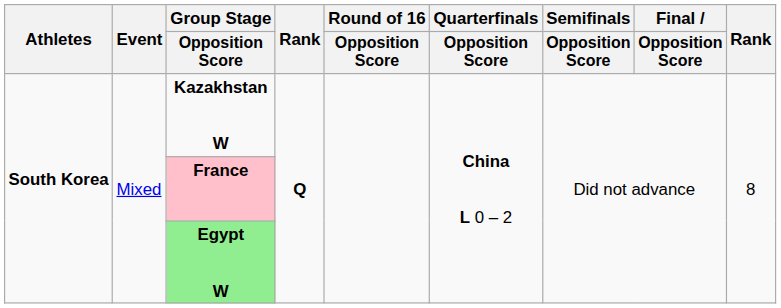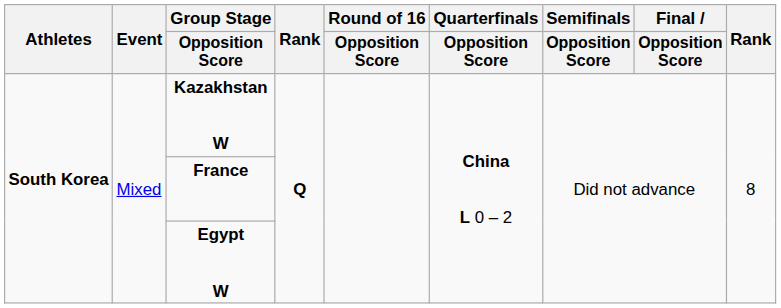 <table class=wikitable style="font-size:90%">
 <tr>
 <th rowspan="2">Athletes</th>
 <th rowspan="2">Event</th>
 <th>Group Stage</th>
 <th rowspan="2">Rank</th>
 <th>Round of 16</th>
 <th>Quarterfinals</th>
 <th>Semifinals</th>
 <th>Final / </th>
 <th rowspan=2>Rank</th>
 </tr>
 <tr style="font-size:95%">
 <th>Opposition<br>Score</th>
 <th>Opposition<br>Score</th>
 <th>Opposition<br>Score</th>
 <th>Opposition<br>Score</th>
 <th>Opposition<br>Score</th>
 </tr>
 <tr align=center>
 <td align=left rowspan=3><strong>South Korea</strong><br><br></td>
 <td align=left rowspan=3><a href='#'>Mixed</a></td>
 <td><strong>Kazakhstan</strong><br><br><br><strong>W</strong></td>
 <td rowspan=3><strong>Q</strong></td>
 <td rowspan=3></td>
 <td rowspan=3><strong>China</strong><br><br><br><strong>L</strong> 0 – 2</td>
 <td rowspan=3 colspan=2>Did not advance</td>
 <td rowspan=3>8</td>
 </tr>
 <tr align=center>
-<td style="background: pink;"><strong>France</strong><br><br><br></td>
+<td><strong>France</strong><br><br><br></td>
 </tr>
 <tr align=center>
-<td style="background: lightgreen;"><strong>Egypt</strong><br><br><br><strong>W</strong></td>
+<td><strong>Egypt</strong><br><br><br><strong>W</strong></td>
 </tr>
 </table>
